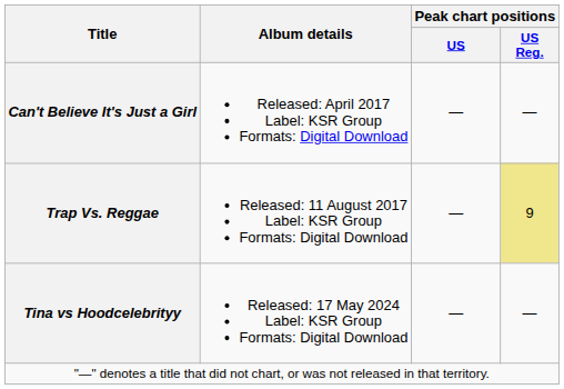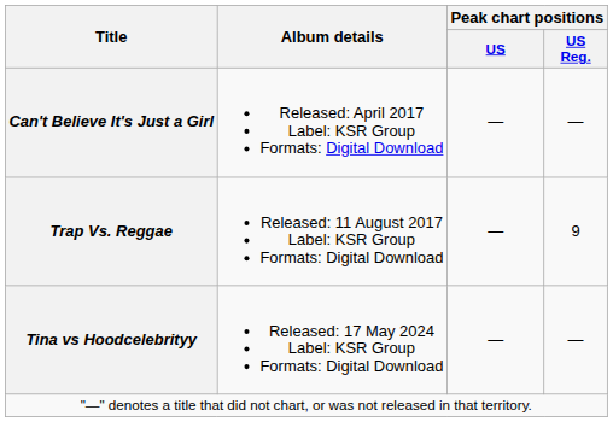 <table class="wikitable plainrowheaders" style="text-align:center;">
 <tr>
 <th scope="col" rowspan="2">Title</th>
 <th scope="col" rowspan="2">Album details</th>
 <th scope="col" colspan="2">Peak chart positions</th>
 </tr>
 <tr>
 <th scope="col" style="width:4m;font-size:90%;"><a href='#'>US</a></th>
 <th scope="col" style="width:4em;font-size:90%;"><a href='#'>US<br>Reg.</a><br></th>
 </tr>
 <tr>
 <th scope="row"><em>Can't Believe It's Just a Girl</em></th>
 <td><br><ul><li>Released: April 2017</li><li>Label: KSR Group</li><li>Formats: <a href='#'>Digital Download</a></li></ul></td>
 <td>—</td>
 <td>—</td>
 </tr>
 <tr>
 <th scope="row"><em>Trap Vs. Reggae</em></th>
 <td><br><ul><li>Released: 11 August 2017</li><li>Label: KSR Group</li><li>Formats: Digital Download</li></ul></td>
 <td>—</td>
-<td style="background: khaki;">9</td>
+<td>9</td>
 </tr>
 <tr>
 <th scope="row"><em>Tina vs Hoodcelebrityy</em></th>
 <td><br><ul><li>Released: 17 May 2024</li><li>Label: KSR Group</li><li>Formats: Digital Download</li></ul></td>
 <td>—</td>
 <td>—</td>
 </tr>
 <tr>
 <td colspan="14" style="font-size:90%">"—" denotes a title that did not chart, or was not released in that territory.</td>
 </tr>
 </table>
